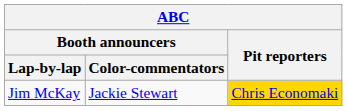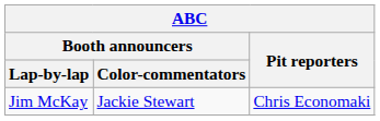 <table class="wikitable" style="font-size: 95%">
 <tr>
 <th colspan=3><a href='#'>ABC</a></th>
 </tr>
 <tr>
 <th colspan=2>Booth announcers</th>
 <th rowspan=2>Pit reporters</th>
 </tr>
 <tr>
 <th><strong>Lap-by-lap</strong></th>
 <th><strong>Color-commentators</strong></th>
 </tr>
 <tr>
 <td><a href='#'>Jim McKay</a></td>
 <td><a href='#'>Jackie Stewart</a></td>
-<td style="background: gold;"><a href='#'>Chris Economaki</a></td>
+<td><a href='#'>Chris Economaki</a></td>
 </tr>
 <tr>
 </tr>
 </table>
